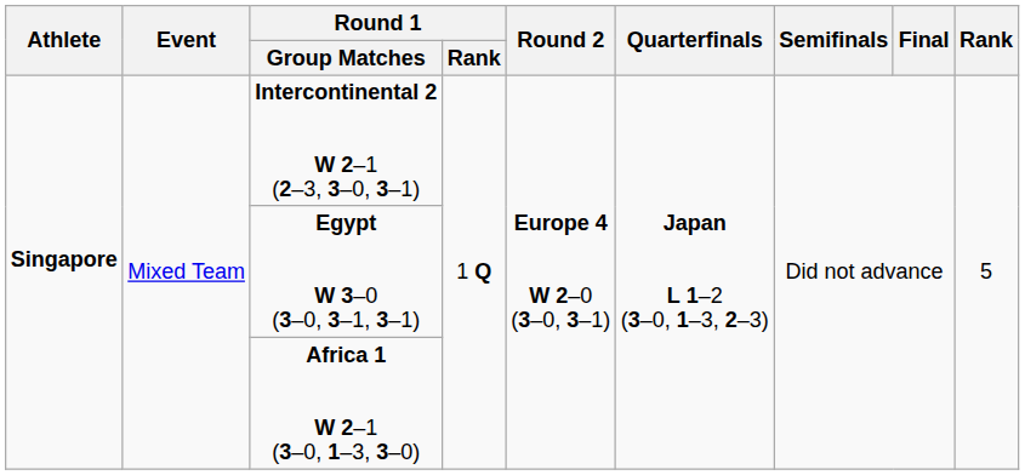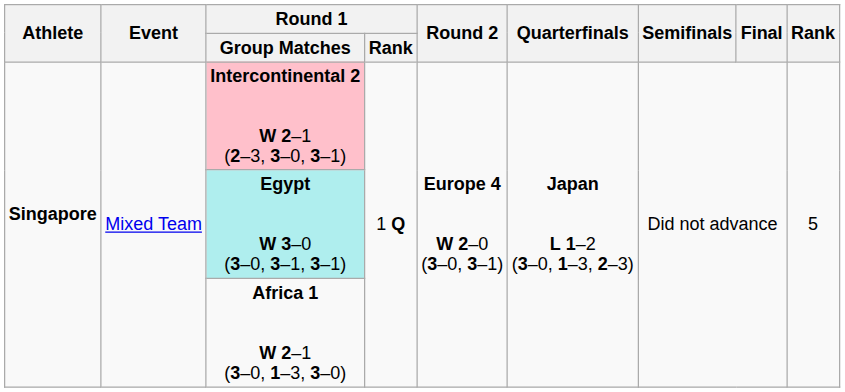 <table class="wikitable" border="1" style="font-size:90%">
 <tr>
 <th rowspan=2>Athlete</th>
 <th rowspan=2>Event</th>
 <th colspan=2>Round 1</th>
 <th rowspan=2>Round 2</th>
 <th rowspan=2>Quarterfinals</th>
 <th rowspan=2>Semifinals</th>
 <th rowspan=2>Final</th>
 <th rowspan=2>Rank</th>
 </tr>
 <tr>
 <th>Group Matches</th>
 <th>Rank</th>
 </tr>
 <tr>
 <td rowspan=3><strong>Singapore</strong><br><br></td>
 <td rowspan=3><a href='#'>Mixed Team</a></td>
-<td align=center><strong>Intercontinental 2</strong><br><br><br> <strong>W</strong> <strong>2</strong>–1 <br> (<strong>2</strong>–3, <strong>3</strong>–0, <strong>3</strong>–1)</td>
+<td align=center style="background: pink;"><strong>Intercontinental 2</strong><br><br><br> <strong>W</strong> <strong>2</strong>–1 <br> (<strong>2</strong>–3, <strong>3</strong>–0, <strong>3</strong>–1)</td>
 <td rowspan=3 align=center>1 <strong>Q</strong></td>
 <td align=center rowspan=3><strong>Europe 4</strong><br><br><br> <strong>W</strong> <strong>2</strong>–0 <br> (<strong>3</strong>–0, <strong>3</strong>–1)</td>
 <td align=center rowspan=3><strong>Japan</strong><br><br><br> <strong>L</strong> <strong>1</strong>–2 <br> (<strong>3</strong>–0, <strong>1</strong>–3, <strong>2</strong>–3)</td>
 <td rowspan=3 colspan=2 align=center>Did not advance</td>
 <td rowspan=3 align=center>5</td>
 </tr>
 <tr>
-<td align=center><strong>Egypt</strong><br><br><br> <strong>W</strong> <strong>3</strong>–0 <br> (<strong>3</strong>–0, <strong>3</strong>–1, <strong>3</strong>–1)</td>
+<td align=center style="background: paleturquoise;"><strong>Egypt</strong><br><br><br> <strong>W</strong> <strong>3</strong>–0 <br> (<strong>3</strong>–0, <strong>3</strong>–1, <strong>3</strong>–1)</td>
 </tr>
 <tr>
 <td align=center><strong>Africa 1</strong><br><br><br> <strong>W</strong> <strong>2</strong>–1 <br> (<strong>3</strong>–0, <strong>1</strong>–3, <strong>3</strong>–0)</td>
 </tr>
 </table>
